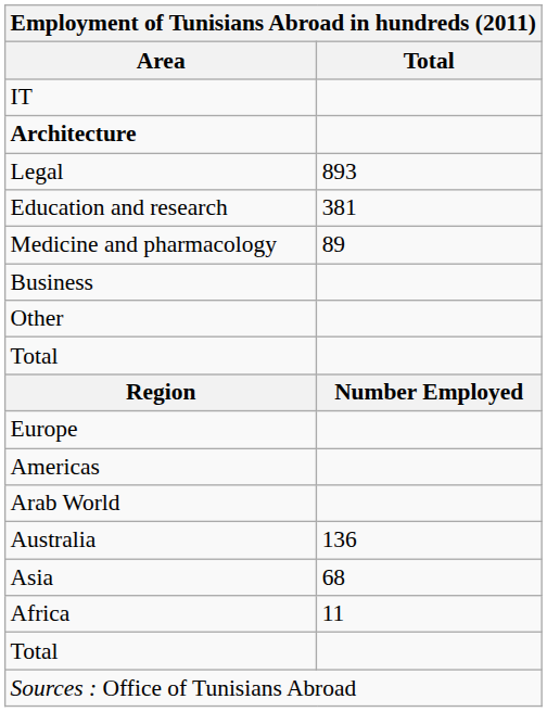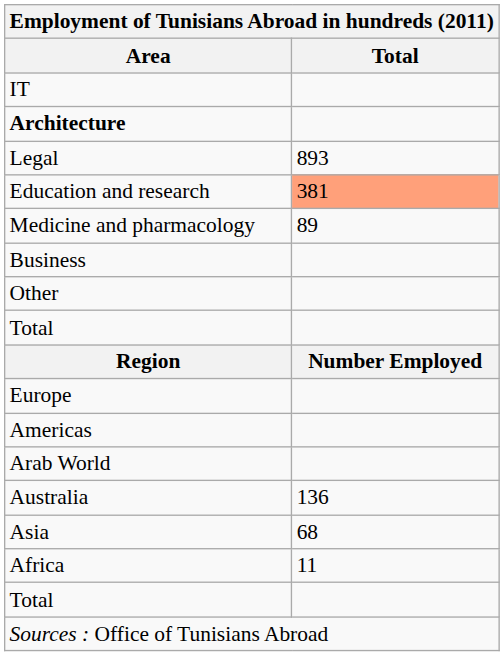 <table class="wikitable center">
 <tr>
 <th colspan="2"><strong>Employment of Tunisians Abroad in hundreds (2011)</strong></th>
 </tr>
 <tr>
 <th>Area</th>
 <th>Total</th>
 </tr>
 <tr>
 <td>IT</td>
 <td></td>
 </tr>
 <tr>
 <td><strong>Architecture</strong></td>
 <td></td>
 </tr>
 <tr>
 <td>Legal</td>
 <td>893</td>
 </tr>
 <tr>
 <td>Education and research</td>
-<td>381</td>
+<td style="background: lightsalmon;">381</td>
 </tr>
 <tr>
 <td>Medicine and pharmacology</td>
 <td>89</td>
 </tr>
 <tr>
 <td>Business</td>
 <td></td>
 </tr>
 <tr>
 <td>Other</td>
 <td></td>
 </tr>
 <tr>
 <td>Total</td>
 <td></td>
 </tr>
 <tr>
 <th>Region</th>
 <th>Number Employed</th>
 </tr>
 <tr>
 <td>Europe</td>
 <td></td>
 </tr>
 <tr>
 <td>Americas</td>
 <td></td>
 </tr>
 <tr>
 <td>Arab World</td>
 <td></td>
 </tr>
 <tr>
 <td>Australia</td>
 <td>136</td>
 </tr>
 <tr>
 <td>Asia</td>
 <td>68</td>
 </tr>
 <tr>
 <td>Africa</td>
 <td>11</td>
 </tr>
 <tr>
 <td>Total</td>
 <td></td>
 </tr>
 <tr>
 <td colspan="2"><em>Sources :</em> Office of Tunisians Abroad</td>
 </tr>
 </table>
